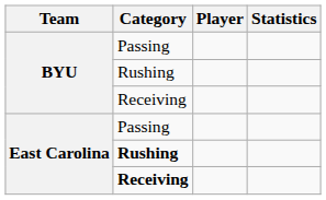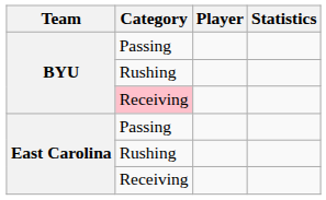 <table class="wikitable" style="float:right">
 <tr>
 <th>Team</th>
 <th>Category</th>
 <th>Player</th>
 <th>Statistics</th>
 </tr>
 <tr>
 <th rowspan=3>BYU</th>
 <td>Passing</td>
 <td></td>
 <td></td>
 </tr>
 <tr>
 <td>Rushing</td>
 <td></td>
 <td></td>
 </tr>
 <tr>
-<td>Receiving</td>
+<td style="background: pink;">Receiving</td>
 <td></td>
 <td></td>
 </tr>
 <tr>
 <th rowspan=3>East Carolina</th>
 <td>Passing</td>
 <td></td>
 <td></td>
 </tr>
 <tr>
-<td><strong>Rushing</strong></td>
+<td>Rushing</td>
 <td></td>
 <td></td>
 </tr>
 <tr>
-<td><strong>Receiving</strong></td>
+<td>Receiving</td>
 <td></td>
 <td></td>
 </tr>
 </table>
